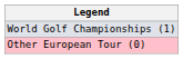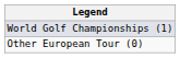 <table class="wikitable" style="font-size:95%;">
 <tr>
 <th>Legend</th>
 </tr>
 <tr style="background:#dfe2e9;">
 <td>World Golf Championships (1)</td>
 </tr>
 <tr>
-<td style="background: pink;">Other European Tour (0)</td>
+<td>Other European Tour (0)</td>
 </tr>
 </table>
